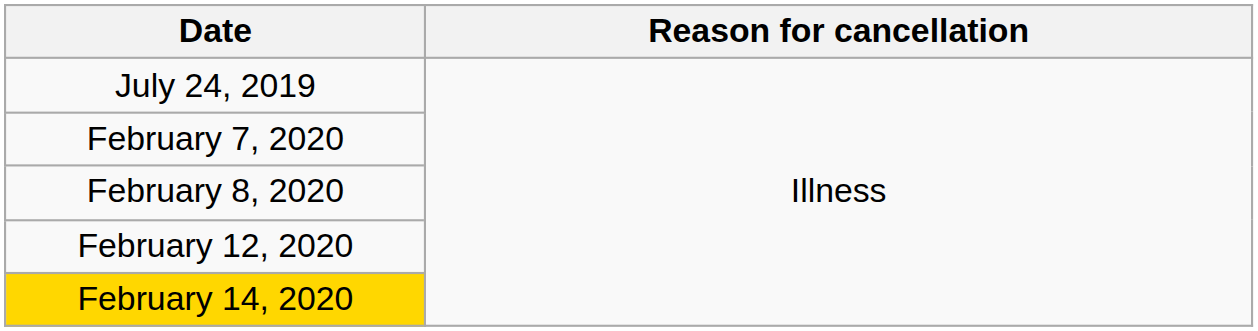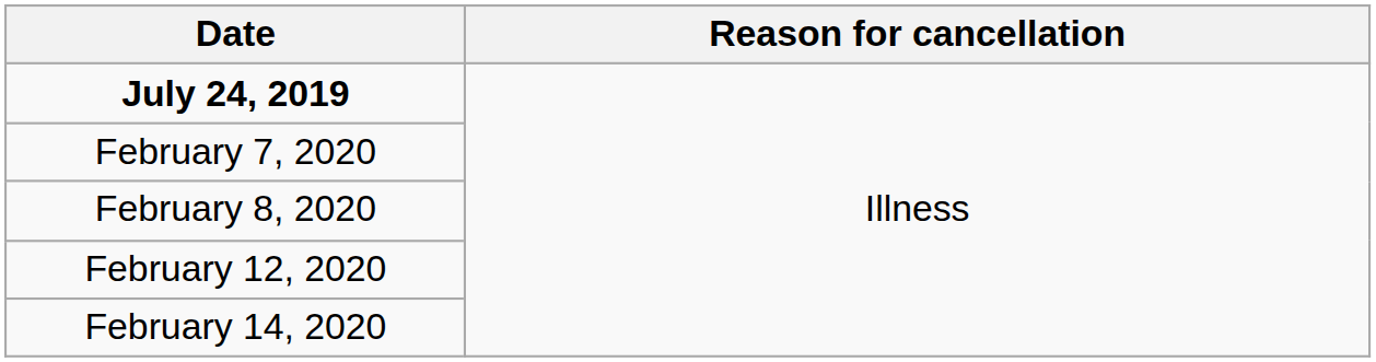 <table class="wikitable plainrowheaders" style="text-align:center;">
 <tr>
 <th scope="col" style="width:12em;">Date</th>
 <th scope="col" style="width:24em;">Reason for cancellation</th>
 </tr>
 <tr>
-<td scope="row">July 24, 2019</td>
+<td scope="row"><strong>July 24, 2019</strong></td>
 <td rowspan="5">Illness</td>
 </tr>
 <tr>
 <td scope="row">February 7, 2020</td>
 </tr>
 <tr>
 <td scope="row">February 8, 2020</td>
 </tr>
 <tr>
 <td scope="row">February 12, 2020</td>
 </tr>
 <tr>
-<td scope="row" style="background: gold;">February 14, 2020</td>
+<td scope="row">February 14, 2020</td>
 </tr>
 </table>
